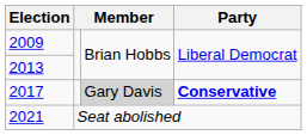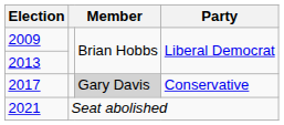 <table class="wikitable">
 <tr>
 <th>Election</th>
 <th colspan="2">Member</th>
 <th>Party</th>
 </tr>
 <tr>
 <td><a href='#'>2009</a></td>
 <td rowspan="2" style="background-color: "></td>
 <td rowspan="2">Brian Hobbs</td>
 <td rowspan="2"><a href='#'>Liberal Democrat</a></td>
 </tr>
 <tr>
 <td><a href='#'>2013</a></td>
 </tr>
 <tr>
 <td><a href='#'>2017</a></td>
 <td rowspan="1" style="background-color: "></td>
 <td rowspan="1" style="background: lightgrey;">Gary Davis</td>
-<td rowspan="1"><strong><a href='#'>Conservative</a></strong></td>
+<td rowspan="1"><a href='#'>Conservative</a></td>
 </tr>
 <tr>
 <td><a href='#'>2021</a></td>
 <td colspan="3"><em>Seat abolished</em></td>
 </tr>
 </table>
